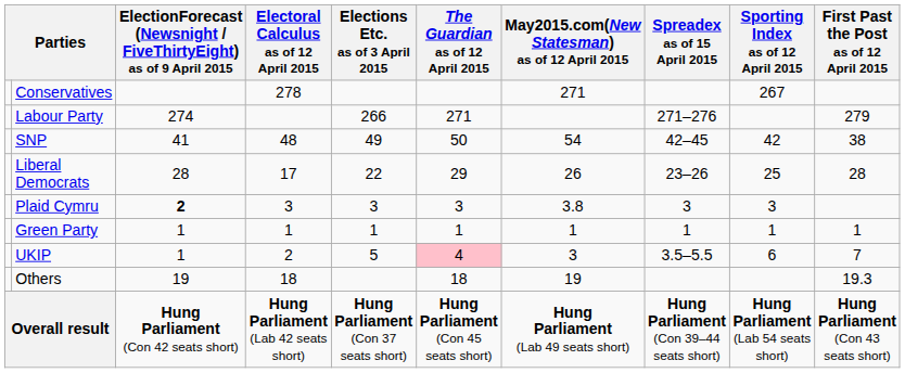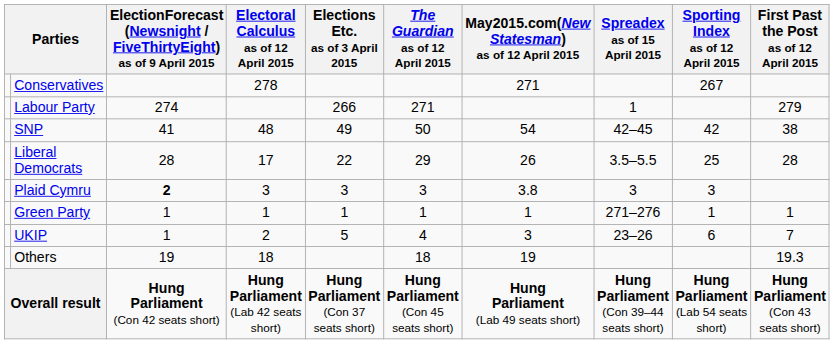 <table class="wikitable">
 <tr>
 <th colspan="2">Parties</th>
 <th>ElectionForecast (<a href='#'>Newsnight</a> / <a href='#'>FiveThirtyEight</a>)<br><small>as of 9 April 2015</small></th>
 <th><a href='#'>Electoral Calculus</a><br><small>as of 12 April 2015</small></th>
 <th>Elections Etc.<br><small>as of 3 April 2015</small></th>
 <th><em><a href='#'>The Guardian</a></em><br><small>as of 12 April 2015</small></th>
 <th>May2015.com(<em><a href='#'>New Statesman</a></em>)<br><small>as of 12 April 2015</small></th>
 <th><a href='#'>Spreadex</a><br><small>as of 15 April 2015</small></th>
 <th><a href='#'>Sporting Index</a><br><small>as of 12 April 2015</small></th>
 <th>First Past the Post<br><small>as of 12 April 2015</small></th>
 </tr>
 <tr>
 <td></td>
 <td><a href='#'>Conservatives</a></td>
 <td></td>
 <td style="text-align:center;">278</td>
 <td></td>
 <td></td>
 <td style="text-align:center;">271</td>
 <td></td>
 <td style="text-align:center;">267</td>
 <td></td>
 </tr>
 <tr>
 <td></td>
 <td><a href='#'>Labour Party</a></td>
 <td style="text-align:center;">274</td>
 <td></td>
 <td style="text-align:center;">266</td>
 <td style="text-align:center;">271</td>
 <td></td>
-<td style="text-align:center;">271–276</td>
+<td style="text-align:center;">1</td>
 <td></td>
 <td style="text-align:center;">279</td>
 </tr>
 <tr>
 <td></td>
 <td><a href='#'>SNP</a></td>
 <td style="text-align:center;">41</td>
 <td style="text-align:center;">48</td>
 <td style="text-align:center;">49</td>
 <td style="text-align:center;">50</td>
 <td style="text-align:center;">54</td>
 <td style="text-align:center;">42–45</td>
 <td style="text-align:center;">42</td>
 <td style="text-align:center;">38</td>
 </tr>
 <tr>
 <td></td>
 <td><a href='#'>Liberal Democrats</a></td>
 <td style="text-align:center;">28</td>
 <td style="text-align:center;">17</td>
 <td style="text-align:center;">22</td>
 <td style="text-align:center;">29</td>
 <td style="text-align:center;">26</td>
-<td style="text-align:center;">23–26</td>
+<td style="text-align:center;">3.5–5.5</td>
 <td style="text-align:center;">25</td>
 <td style="text-align:center;">28</td>
 </tr>
 <tr>
 <td></td>
 <td><a href='#'>Plaid Cymru</a></td>
 <td style="text-align:center;"><strong>2</strong></td>
 <td style="text-align:center;">3</td>
 <td style="text-align:center;">3</td>
 <td style="text-align:center;">3</td>
 <td style="text-align:center;">3.8</td>
 <td style="text-align:center;">3</td>
 <td style="text-align:center;">3</td>
 <td></td>
 </tr>
 <tr>
 <td></td>
 <td><a href='#'>Green Party</a></td>
 <td style="text-align:center;">1</td>
 <td style="text-align:center;">1</td>
 <td style="text-align:center;">1</td>
 <td style="text-align:center;">1</td>
 <td style="text-align:center;">1</td>
-<td style="text-align:center;">1</td>
+<td style="text-align:center;">271–276</td>
 <td style="text-align:center;">1</td>
 <td style="text-align:center;">1</td>
 </tr>
 <tr>
 <td></td>
 <td><a href='#'>UKIP</a></td>
 <td style="text-align:center;">1</td>
 <td style="text-align:center;">2</td>
 <td style="text-align:center;">5</td>
-<td style="background: pink; text-align:center;">4</td>
+<td style="text-align:center;">4</td>
 <td style="text-align:center;">3</td>
-<td style="text-align:center;">3.5–5.5</td>
+<td style="text-align:center;">23–26</td>
 <td style="text-align:center;">6</td>
 <td style="text-align:center;">7</td>
 </tr>
 <tr>
 <td></td>
 <td>Others</td>
 <td style="text-align:center;">19</td>
 <td style="text-align:center;">18</td>
 <td></td>
 <td style="text-align:center;">18</td>
 <td style="text-align:center;">19</td>
 <td></td>
 <td></td>
 <td style="text-align:center;">19.3</td>
 </tr>
 <tr>
 <th colspan="2">Overall result</th>
 <td style="text-align:center; color:"><strong>Hung <br> Parliament</strong> <br> <small>(Con 42 seats short)</small></td>
 <td style="text-align:center; color:"><strong>Hung <br> Parliament</strong> <br> <small>(Lab 42 seats short)</small></td>
 <td style="text-align:center; color:"><strong>Hung <br> Parliament</strong> <br> <small>(Con 37 seats short)</small></td>
 <td style="text-align:center; color:"><strong>Hung <br> Parliament</strong> <br> <small>(Con 45 seats short)</small></td>
 <td style="text-align:center; color:"><strong>Hung <br> Parliament</strong> <br> <small>(Lab 49 seats short)</small></td>
 <td style="text-align:center; color:"><strong>Hung <br> Parliament</strong> <br> <small>(Con 39–44 seats short)</small></td>
 <td style="text-align:center; color:"><strong>Hung <br> Parliament</strong> <br> <small>(Lab 54 seats short)</small></td>
 <td style="text-align:center; color:"><strong>Hung <br> Parliament</strong> <br> <small>(Con 43 seats short)</small></td>
 </tr>
 </table>
